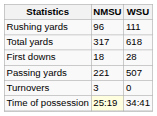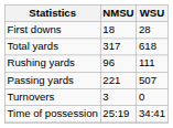 <table class="wikitable">
 <tr>
 <th>Statistics</th>
 <th>NMSU</th>
 <th>WSU</th>
 </tr>
 <tr>
-<td>Rushing yards</td>
-<td>96</td>
-<td>111</td>
+<td>First downs</td>
+<td>18</td>
+<td>28</td>
 </tr>
 <tr>
 <td>Total yards</td>
 <td>317</td>
 <td>618</td>
 </tr>
 <tr>
-<td>First downs</td>
-<td>18</td>
-<td>28</td>
+<td>Rushing yards</td>
+<td>96</td>
+<td>111</td>
 </tr>
 <tr>
 <td>Passing yards</td>
 <td>221</td>
 <td>507</td>
 </tr>
 <tr>
 <td>Turnovers</td>
 <td>3</td>
 <td>0</td>
 </tr>
 <tr>
 <td>Time of possession</td>
-<td style="background: lightyellow;">25:19</td>
+<td>25:19</td>
 <td>34:41</td>
 </tr>
 <tr>
 </tr>
 </table>
